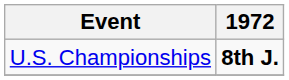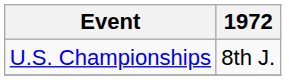 <table class="wikitable">
 <tr>
 <th>Event</th>
 <th>1972</th>
 </tr>
 <tr>
 <td><a href='#'>U.S. Championships</a></td>
-<td align="center"><strong>8th J.</strong></td>
+<td align="center">8th J.</td>
 </tr>
 <tr>
 </tr>
 </table>
